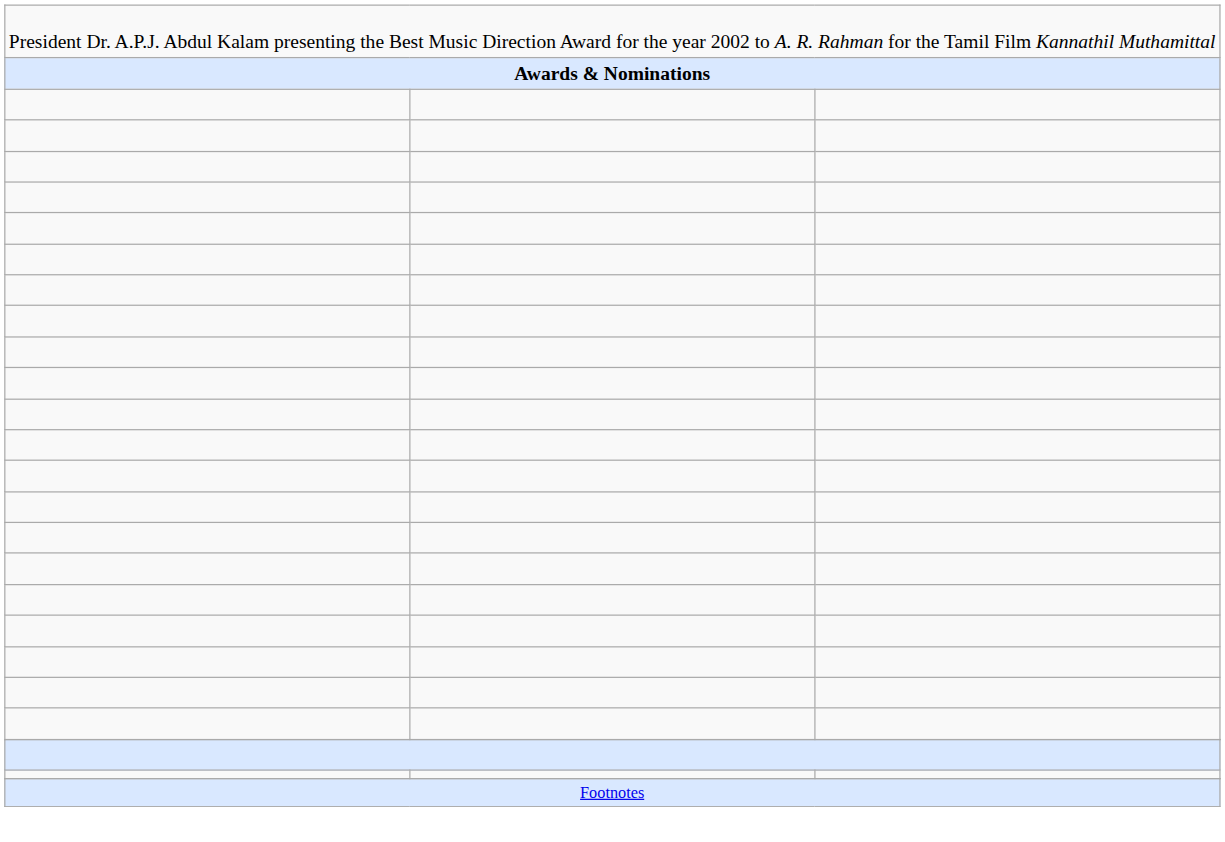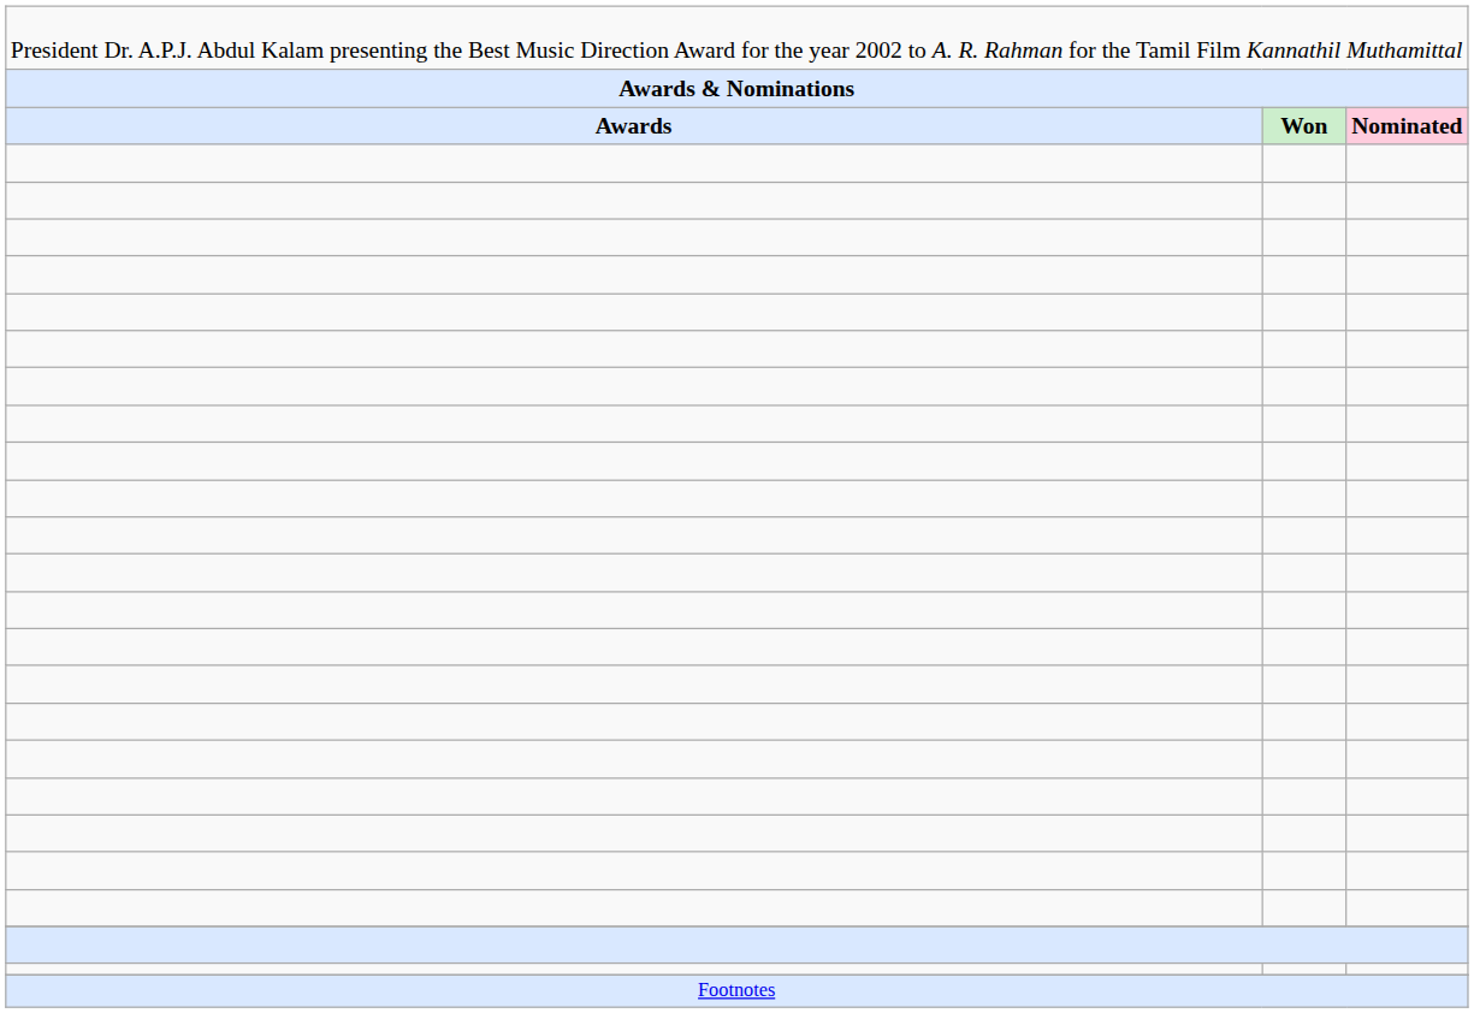 <table class="wikitable sortable mw-collapsible infobox">
 <tr>
 <td colspan="3" style="text-align:center;"><br>President Dr. A.P.J. Abdul Kalam presenting the Best Music Direction Award for the year 2002 to <em>A. R. Rahman</em> for the Tamil Film <em>Kannathil Muthamittal</em></td>
 </tr>
 <tr>
 <th colspan="3" style="background-color: #D9E8FF; text-align: center;">Awards & Nominations</th>
+</tr>
+<tr style="background:#d9e8ff; text-align:center;">
+<td><strong>Awards</strong></td>
+<td style="background:#cec; text-size:0.9em; width:50px;"><strong>Won</strong></td>
+<td style="background:#fcd; text-size:0.9em; width:50px;"><strong>Nominated</strong></td>
 </tr>
 <tr>
 <td style="text-align:center;"><br></td>
 <td></td>
 <td></td>
 </tr>
 <tr>
 <td style="text-align:center;"><br></td>
 <td></td>
 <td></td>
 </tr>
 <tr>
 <td style="text-align:center;"><br></td>
 <td></td>
 <td></td>
 </tr>
 <tr>
 <td style="text-align:center;"><br></td>
 <td></td>
 <td></td>
 </tr>
 <tr>
 <td style="text-align:center;"><br></td>
 <td></td>
 <td></td>
 </tr>
 <tr>
 <td style="text-align:center;"><br></td>
 <td></td>
 <td></td>
 </tr>
 <tr>
 <td style="text-align:center;"><br></td>
 <td></td>
 <td></td>
 </tr>
 <tr>
 <td style="text-align:center;"><br></td>
 <td></td>
 <td></td>
 </tr>
 <tr>
 <td style="text-align:center;"><br></td>
 <td></td>
 <td></td>
 </tr>
 <tr>
 <td style="text-align:center;"><br></td>
 <td></td>
 <td></td>
 </tr>
 <tr>
 <td style="text-align:center;"><br></td>
 <td></td>
 <td></td>
 </tr>
 <tr>
 <td style="text-align:center;"><br></td>
 <td></td>
 <td></td>
 </tr>
 <tr>
 <td style="text-align:center;"><br></td>
 <td></td>
 <td></td>
 </tr>
 <tr>
 <td style="text-align:center;"><br></td>
 <td></td>
 <td></td>
 </tr>
 <tr>
 <td style="text-align:center;"><br></td>
 <td></td>
 <td></td>
 </tr>
 <tr>
 <td style="text-align:center;"><br></td>
 <td></td>
 <td></td>
 </tr>
 <tr>
 <td style="text-align:center;"><br></td>
 <td></td>
 <td></td>
 </tr>
 <tr>
 <td style="text-align:center;"><br></td>
 <td></td>
 <td></td>
 </tr>
 <tr>
 <td style="text-align:center;"><br></td>
 <td></td>
 <td></td>
 </tr>
 <tr>
 <td style="text-align:center;"><br></td>
 <td></td>
 <td></td>
 </tr>
 <tr>
 <td style="text-align:center;"><br></td>
 <td></td>
 <td></td>
 </tr>
 <tr>
 </tr>
 <tr style="background:#d9e8ff;">
 <td style="text-align:center;" colspan="3"><br></td>
 </tr>
 <tr>
 <td></td>
 <td></td>
 <td></td>
 </tr>
 <tr>
 </tr>
 <tr style="background:#d9e8ff;">
 <td colspan="3" style="font-size: smaller; text-align:center;"><a href='#'>Footnotes</a></td>
 </tr>
 </table>
